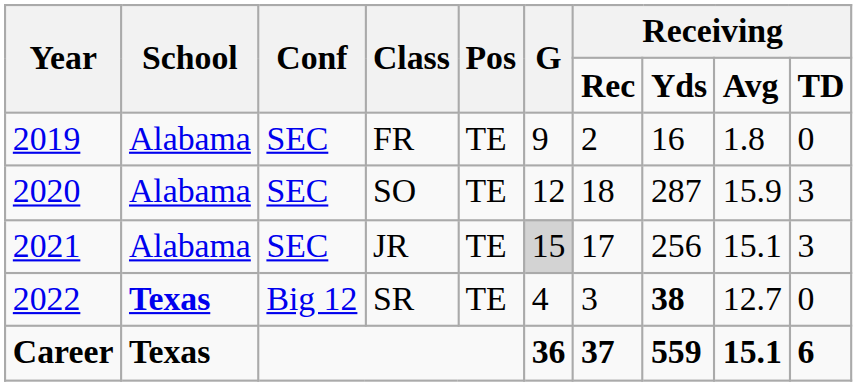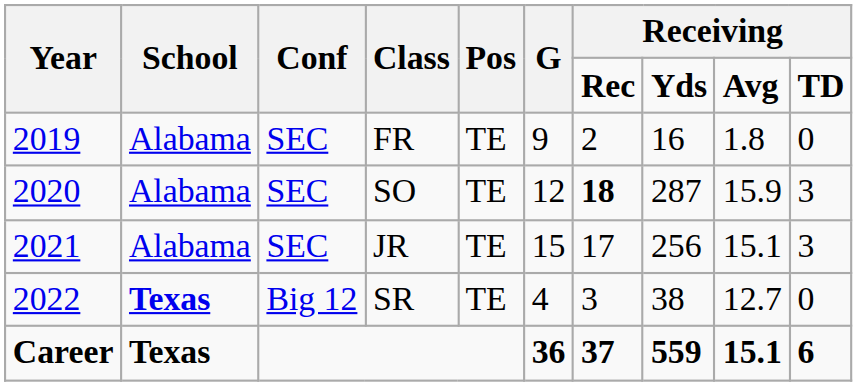 <table class="wikitable">
 <tr>
 <th rowspan="2">Year</th>
 <th rowspan="2">School</th>
 <th rowspan="2">Conf</th>
 <th rowspan="2">Class</th>
 <th rowspan="2">Pos</th>
 <th rowspan="2">G</th>
 <th colspan="4" style="text-align: center; font-weight:bold;">Receiving</th>
 </tr>
 <tr>
 <td style="font-weight:bold;">Rec</td>
 <td style="font-weight:bold;">Yds</td>
 <td style="font-weight:bold;">Avg</td>
 <td style="font-weight:bold;">TD</td>
 </tr>
 <tr>
 <td><a href='#'>2019</a></td>
 <td><a href='#'>Alabama</a></td>
 <td><a href='#'>SEC</a></td>
 <td>FR</td>
 <td>TE</td>
 <td>9</td>
 <td>2</td>
 <td>16</td>
 <td>1.8</td>
 <td>0</td>
 </tr>
 <tr>
 <td><a href='#'>2020</a></td>
 <td><a href='#'>Alabama</a></td>
 <td><a href='#'>SEC</a></td>
 <td>SO</td>
 <td>TE</td>
 <td>12</td>
-<td>18</td>
+<td><strong>18</strong></td>
 <td>287</td>
 <td>15.9</td>
 <td>3</td>
 </tr>
 <tr>
 <td><a href='#'>2021</a></td>
 <td><a href='#'>Alabama</a></td>
 <td><a href='#'>SEC</a></td>
 <td>JR</td>
 <td>TE</td>
-<td style="background: lightgrey;">15</td>
+<td>15</td>
 <td>17</td>
 <td>256</td>
 <td>15.1</td>
 <td>3</td>
 </tr>
 <tr>
 <td><a href='#'>2022</a></td>
 <td><strong><a href='#'>Texas</a></strong></td>
 <td><a href='#'>Big 12</a></td>
 <td>SR</td>
 <td>TE</td>
 <td>4</td>
 <td>3</td>
-<td><strong>38</strong></td>
+<td>38</td>
 <td>12.7</td>
 <td>0</td>
 </tr>
 <tr>
 <td style="font-weight:bold;">Career</td>
 <td style="font-weight:bold;">Texas</td>
 <td colspan="3" style="font-weight:bold;"></td>
 <td style="font-weight:bold;">36</td>
 <td style="font-weight:bold;">37</td>
 <td style="font-weight:bold;">559</td>
 <td style="font-weight:bold;">15.1</td>
 <td style="font-weight:bold;">6</td>
 </tr>
 </table>
